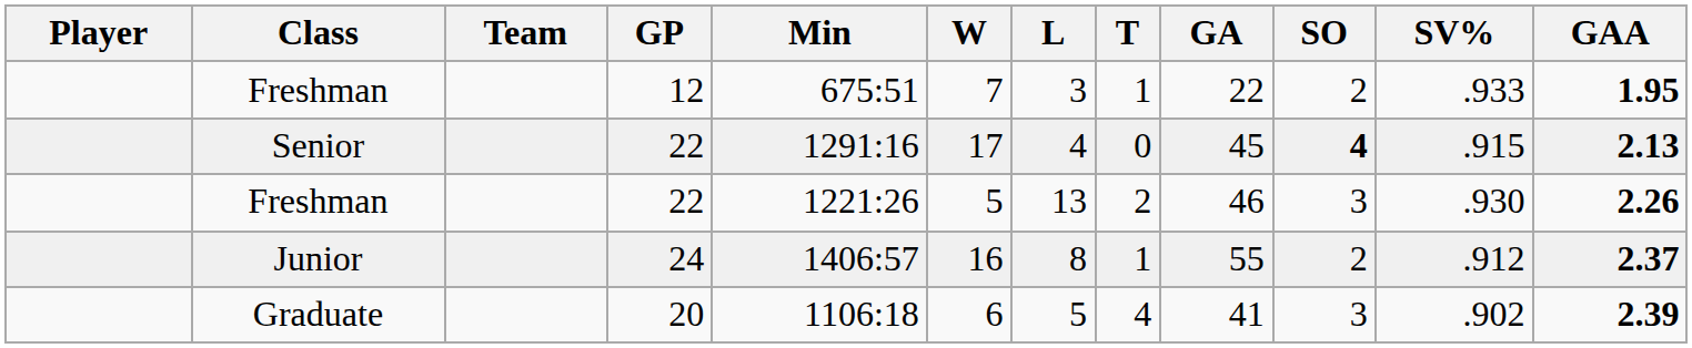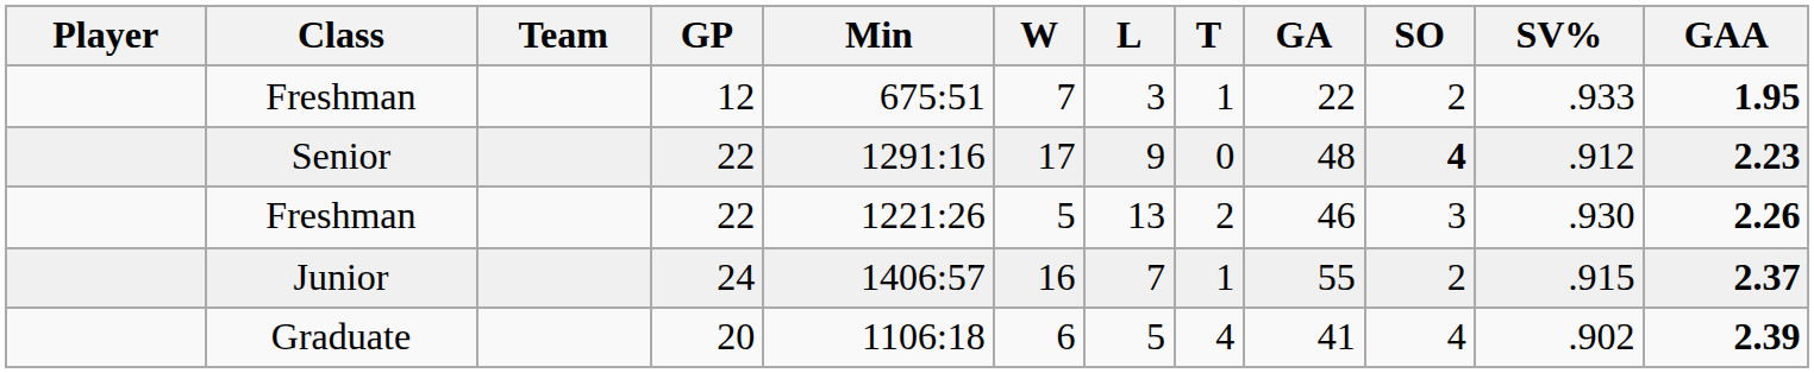 <table class="wikitable sortable" style="text-align: center; "width=60%">
 <tr>
 <th>Player</th>
 <th>Class</th>
 <th>Team</th>
 <th>GP</th>
 <th>Min</th>
 <th>W</th>
 <th>L</th>
 <th>T</th>
 <th>GA</th>
 <th>SO</th>
 <th>SV%</th>
 <th>GAA</th>
 </tr>
 <tr>
 <td style="text-align: left"></td>
 <td>Freshman</td>
 <td><strong><a href='#'></a></strong></td>
 <td style="text-align: right">12</td>
 <td style="text-align: right">675:51</td>
 <td style="text-align: right">7</td>
 <td style="text-align: right">3</td>
 <td style="text-align: right">1</td>
 <td style="text-align: right">22</td>
 <td style="text-align: right">2</td>
 <td style="text-align: right">.933</td>
 <td style="text-align: right"><strong>1.95</strong></td>
 </tr>
 <tr bgcolor=f0f0f0>
 <td style="text-align: left"></td>
 <td>Senior</td>
 <td><strong><a href='#'></a></strong></td>
 <td style="text-align: right">22</td>
 <td style="text-align: right">1291:16</td>
 <td style="text-align: right">17</td>
-<td style="text-align: right">4</td>
+<td style="text-align: right">9</td>
 <td style="text-align: right">0</td>
-<td style="text-align: right">45</td>
+<td style="text-align: right">48</td>
 <td style="text-align: right"><strong>4</strong></td>
-<td style="text-align: right">.915</td>
-<td style="text-align: right"><strong>2.13</strong></td>
+<td style="text-align: right">.912</td>
+<td style="text-align: right"><strong>2.23</strong></td>
 </tr>
 <tr>
 <td style="text-align: left"></td>
 <td>Freshman</td>
 <td><strong><a href='#'></a></strong></td>
 <td style="text-align: right">22</td>
 <td style="text-align: right">1221:26</td>
 <td style="text-align: right">5</td>
 <td style="text-align: right">13</td>
 <td style="text-align: right">2</td>
 <td style="text-align: right">46</td>
 <td style="text-align: right">3</td>
 <td style="text-align: right">.930</td>
 <td style="text-align: right"><strong>2.26</strong></td>
 </tr>
 <tr bgcolor=f0f0f0>
 <td style="text-align: left"></td>
 <td>Junior</td>
 <td><strong><a href='#'></a></strong></td>
 <td style="text-align: right">24</td>
 <td style="text-align: right">1406:57</td>
 <td style="text-align: right">16</td>
-<td style="text-align: right">8</td>
+<td style="text-align: right">7</td>
 <td style="text-align: right">1</td>
 <td style="text-align: right">55</td>
 <td style="text-align: right">2</td>
-<td style="text-align: right">.912</td>
+<td style="text-align: right">.915</td>
 <td style="text-align: right"><strong>2.37</strong></td>
 </tr>
 <tr>
 <td style="text-align: left"></td>
 <td>Graduate</td>
 <td><strong><a href='#'></a></strong></td>
 <td style="text-align: right">20</td>
 <td style="text-align: right">1106:18</td>
 <td style="text-align: right">6</td>
 <td style="text-align: right">5</td>
 <td style="text-align: right">4</td>
 <td style="text-align: right">41</td>
-<td style="text-align: right">3</td>
+<td style="text-align: right">4</td>
 <td style="text-align: right">.902</td>
 <td style="text-align: right"><strong>2.39</strong></td>
 </tr>
 <tr>
 </tr>
 </table>
